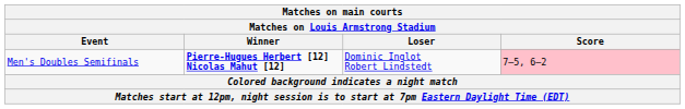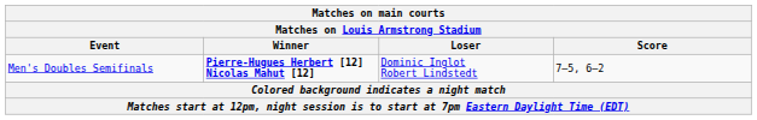 <table class="wikitable" style="margin:auto;">
 <tr>
 <th colspan="4" style="white-space:nowrap;">Matches on main courts</th>
 </tr>
 <tr>
 <th colspan="4"><strong>Matches on <a href='#'>Louis Armstrong Stadium</a></strong></th>
 </tr>
 <tr>
 <th width=250>Event</th>
 <th width=220>Winner</th>
 <th width=220>Loser</th>
 <th width=250>Score</th>
 </tr>
 <tr>
 <td><a href='#'>Men's Doubles Semifinals</a></td>
 <td><strong> <a href='#'>Pierre-Hugues Herbert</a> [12] <br>  <a href='#'>Nicolas Mahut</a> [12]</strong></td>
 <td> <a href='#'>Dominic Inglot</a> <br>  <a href='#'>Robert Lindstedt</a></td>
-<td style="background: pink;">7–5, 6–2</td>
+<td>7–5, 6–2</td>
 </tr>
 <tr>
 <th colspan=4><em>Colored background indicates a night match</em></th>
 </tr>
 <tr>
 <th colspan=4><em>Matches start at 12pm, night session is to start at 7pm <a href='#'>Eastern Daylight Time (EDT)</a></em></th>
 </tr>
 </table>
